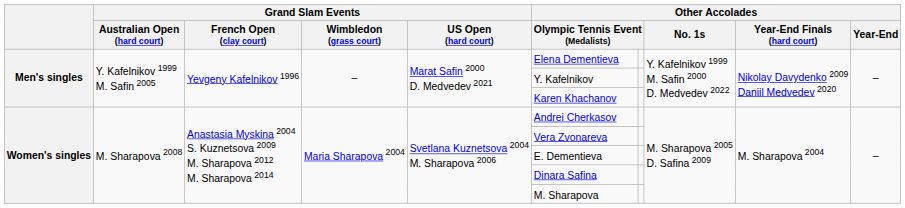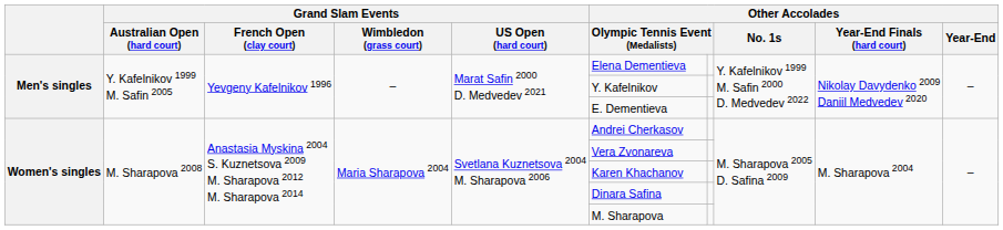 <table class="wikitable">
 <tr>
 <th rowspan="2"></th>
 <th colspan="4">Grand Slam Events</th>
 <th colspan="5">Other Accolades</th>
 </tr>
 <tr>
 <th>Australian Open<br><small>(<a href='#'>hard court</a>)</small></th>
 <th>French Open<br><small>(<a href='#'>clay court</a>)</small></th>
 <th>Wimbledon<br><small>(<a href='#'>grass court</a>)</small></th>
 <th>US Open<br><small>(<a href='#'>hard court</a>)</small></th>
 <th colspan="2">Olympic Tennis Event<br><small>(Medalists)</small></th>
 <th>No. 1s</th>
 <th>Year-End Finals<br><small>(<a href='#'>hard court</a>)</small></th>
 <th>Year-End </th>
 </tr>
 <tr>
 <th rowspan="3">Men's singles</th>
 <td rowspan="3">Y. Kafelnikov<sup> 1999</sup><br>M. Safin<sup> 2005</sup></td>
 <td rowspan="3"><a href='#'>Yevgeny Kafelnikov</a><sup> 1996</sup></td>
 <td align="center"rowspan="3">–</td>
 <td rowspan="3"><a href='#'>Marat Safin</a><sup> 2000</sup><br>D. Medvedev<sup> 2021</sup></td>
 <td><a href='#'>Elena Dementieva</a><sup>  </sup></td>
 <td></td>
 <td rowspan="3">Y. Kafelnikov<sup> 1999</sup><br>M. Safin<sup> 2000</sup><br>D. Medvedev<sup> 2022</sup></td>
 <td rowspan="3"><br><a href='#'>Nikolay Davydenko</a><sup> 2009</sup><br><a href='#'>Daniil Medvedev</a><sup> 2020</sup></td>
 <td align="center" rowspan="3">–</td>
 </tr>
 <tr>
 <td>Y. Kafelnikov<sup>  </sup></td>
 <td></td>
 </tr>
 <tr>
-<td><a href='#'>Karen Khachanov</a><sup>  </sup></td>
+<td>E. Dementieva<sup>  </sup></td>
 <td></td>
 </tr>
 <tr>
 <th rowspan="5">Women's singles</th>
 <td rowspan="5">M. Sharapova<sup> 2008</sup></td>
 <td rowspan="5"><a href='#'>Anastasia Myskina</a><sup> 2004</sup><br>S. Kuznetsova<sup> 2009</sup><br>M. Sharapova<sup> 2012</sup><br>M. Sharapova<sup> 2014</sup></td>
 <td rowspan="5"><a href='#'>Maria Sharapova</a><sup> 2004</sup></td>
 <td rowspan="5"><a href='#'>Svetlana Kuznetsova</a><sup> 2004</sup><br>M. Sharapova<sup> 2006</sup></td>
 <td><a href='#'>Andrei Cherkasov</a><sup>  </sup></td>
 <td></td>
 <td rowspan="5">M. Sharapova<sup> 2005</sup><br>D. Safina<sup> 2009</sup></td>
 <td rowspan="5">M. Sharapova<sup> 2004</sup></td>
 <td align="center" rowspan="5">–</td>
 </tr>
 <tr>
 <td><a href='#'>Vera Zvonareva</a><sup>  </sup></td>
 <td></td>
 </tr>
 <tr>
-<td>E. Dementieva<sup>  </sup></td>
+<td><a href='#'>Karen Khachanov</a><sup>  </sup></td>
 <td></td>
 </tr>
 <tr>
 <td><a href='#'>Dinara Safina</a><sup>  </sup></td>
 <td></td>
 </tr>
 <tr>
 <td>M. Sharapova<sup>  </sup></td>
 <td></td>
 </tr>
 </table>
